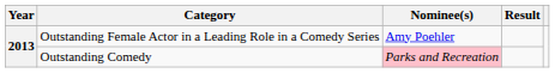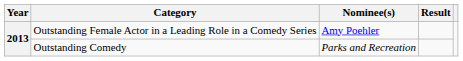 <table class="wikitable plainrowheaders">
 <tr>
 <th scope="col">Year</th>
 <th scope="col">Category</th>
 <th scope="col">Nominee(s)</th>
 <th scope="col">Result</th>
 <th scope="col"></th>
 </tr>
 <tr>
 <th scope="row" rowspan="2">2013</th>
 <td>Outstanding Female Actor in a Leading Role in a Comedy Series</td>
 <td><a href='#'>Amy Poehler</a></td>
 <td></td>
 <td style="text-align:center;" rowspan="2"></td>
 </tr>
 <tr>
 <td>Outstanding Comedy</td>
-<td style="background: pink;"><em>Parks and Recreation</em></td>
+<td><em>Parks and Recreation</em></td>
 <td></td>
 </tr>
 </table>
